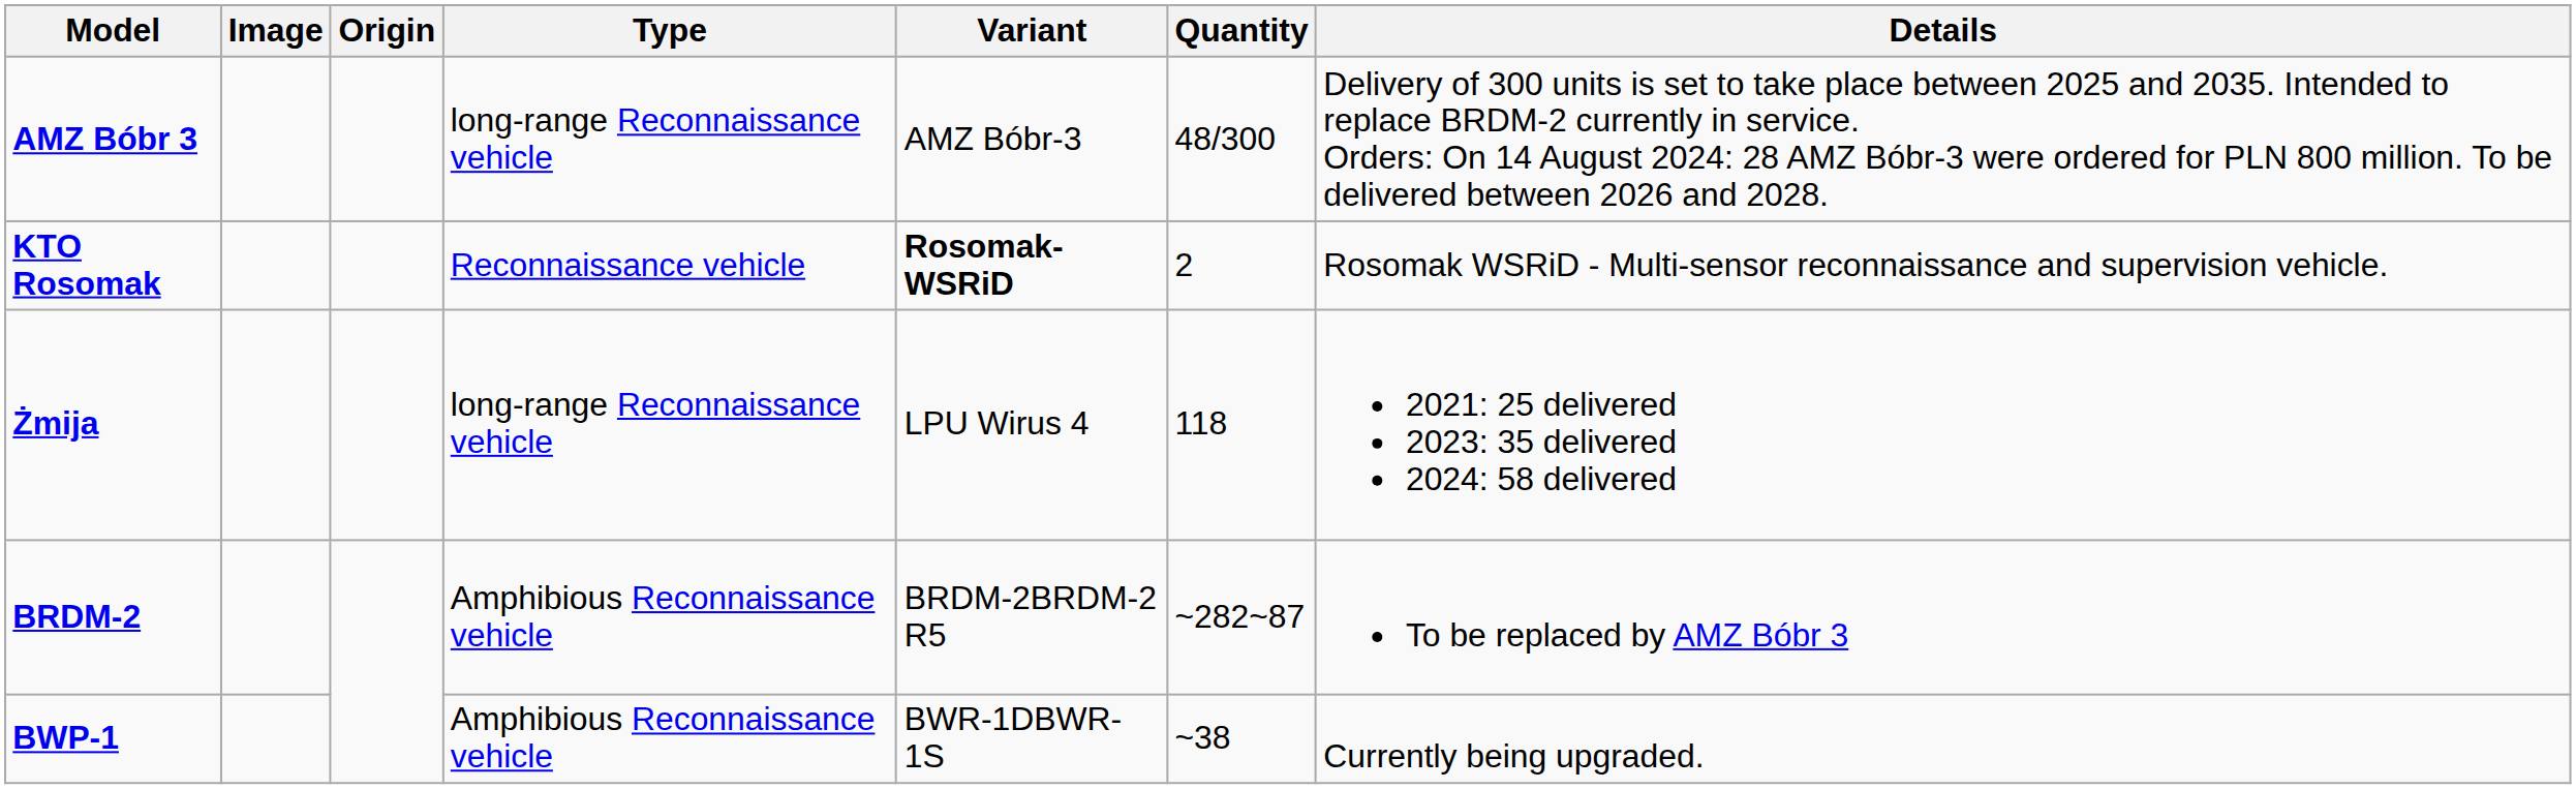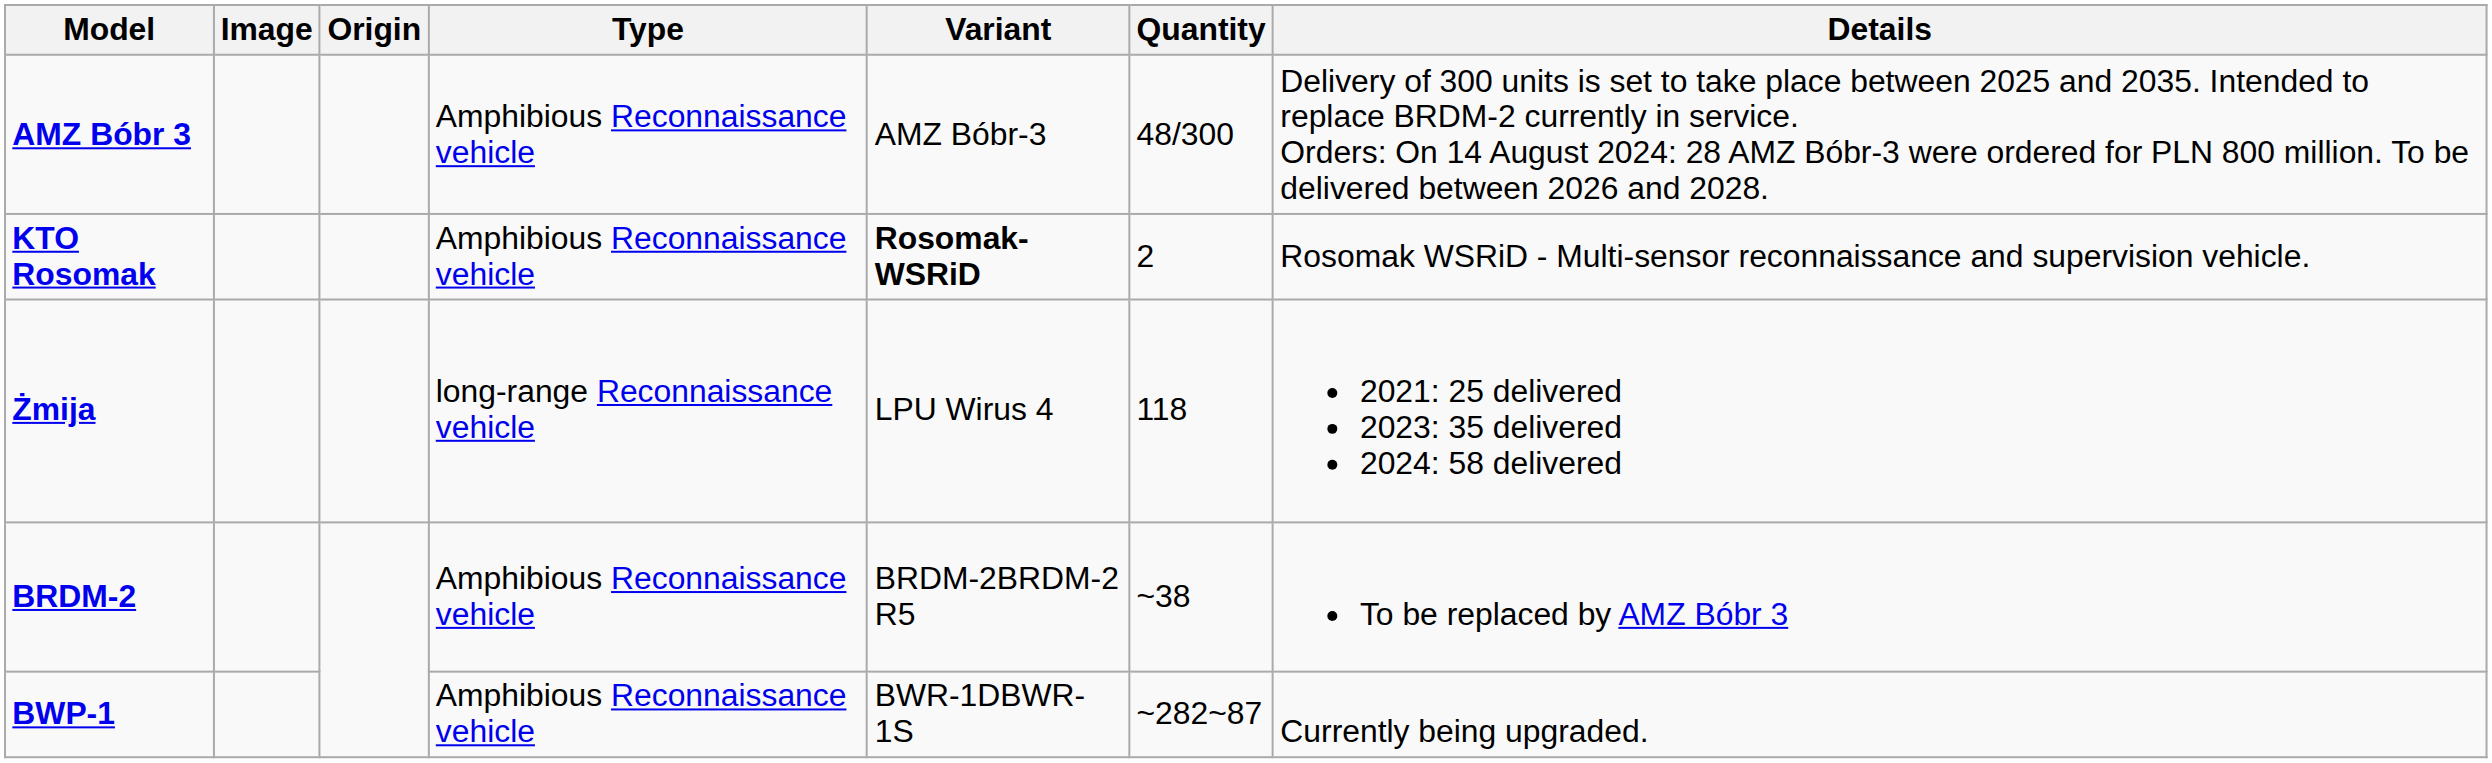 <table class="wikitable">
 <tr>
 <th>Model</th>
 <th>Image</th>
 <th>Origin</th>
 <th>Type</th>
 <th>Variant</th>
 <th>Quantity</th>
 <th>Details</th>
 </tr>
 <tr>
 <td><a href='#'><strong>AMZ Bóbr 3</strong></a></td>
 <td></td>
 <td><small></small></td>
-<td>long-range <a href='#'>Reconnaissance vehicle</a></td>
+<td>Amphibious <a href='#'>Reconnaissance vehicle</a></td>
 <td>AMZ Bóbr-3</td>
 <td>48/300</td>
 <td>Delivery of 300 units is set to take place between 2025 and 2035. Intended to replace BRDM-2 currently in service.<br>Orders: On 14 August 2024: 28 AMZ Bóbr-3 were ordered for PLN 800 million. To be delivered between 2026 and 2028.</td>
 </tr>
 <tr>
 <td><strong><a href='#'>KTO Rosomak</a></strong></td>
 <td></td>
 <td><small></small><br><small></small></td>
-<td><a href='#'>Reconnaissance vehicle</a></td>
+<td>Amphibious <a href='#'>Reconnaissance vehicle</a></td>
 <td><strong>Rosomak-WSRiD</strong></td>
 <td>2</td>
 <td>Rosomak WSRiD - Multi-sensor reconnaissance and supervision vehicle.</td>
 </tr>
 <tr>
 <td><a href='#'><strong>Żmija</strong></a></td>
 <td></td>
 <td><small></small></td>
 <td>long-range <a href='#'>Reconnaissance vehicle</a></td>
 <td>LPU Wirus 4</td>
 <td>118</td>
 <td><br><ul><li>2021: 25 delivered</li><li>2023: 35 delivered</li><li>2024: 58 delivered</li></ul></td>
 </tr>
 <tr>
 <td><strong><a href='#'>BRDM-2</a></strong></td>
 <td></td>
 <td rowspan="2"><small></small><br><small></small></td>
 <td>Amphibious <a href='#'>Reconnaissance vehicle</a></td>
 <td>BRDM-2BRDM-2 R5</td>
-<td>~282~87</td>
+<td>~38</td>
 <td><br><ul><li>To be replaced by <a href='#'>AMZ Bóbr 3</a></li></ul></td>
 </tr>
 <tr>
 <td><a href='#'><strong>BWP-1</strong></a></td>
 <td></td>
 <td>Amphibious <a href='#'>Reconnaissance vehicle</a></td>
 <td>BWR-1DBWR-1S</td>
-<td>~38</td>
+<td>~282~87</td>
 <td><br>Currently being upgraded.</td>
 </tr>
 </table>
